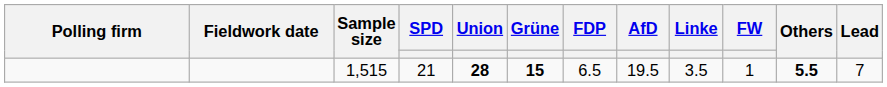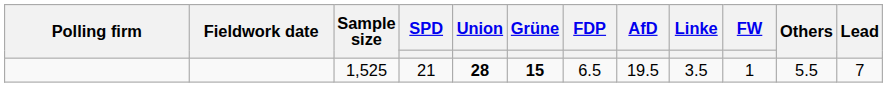 <table class="wikitable sortable mw-datatable mw-collapsible" style="text-align:center;font-size:90%;line-height:14px;">
 <tr style="height:40px;">
 <th style="width:155px;" rowspan="2">Polling firm</th>
 <th style="width:120px;" rowspan="2">Fieldwork date</th>
 <th style="width: 35px;" rowspan="2">Sample<br>size</th>
 <th class="unsortable" style="width:40px;"><a href='#'>SPD</a></th>
 <th class="unsortable" style="width:40px;"><a href='#'>Union</a></th>
 <th class="unsortable" style="width:40px;"><a href='#'>Grüne</a></th>
 <th class="unsortable" style="width:40px;"><a href='#'>FDP</a></th>
 <th class="unsortable" style="width:40px;"><a href='#'>AfD</a></th>
 <th class="unsortable" style="width:40px;"><a href='#'>Linke</a></th>
 <th class="unsortable" style="width:40px;"><a href='#'>FW</a></th>
 <th class="unsortable" style="width:30px;" rowspan="2">Others</th>
 <th style="width:30px;" rowspan="2">Lead</th>
 </tr>
 <tr>
 <th style="background:"></th>
 <th style="background:"></th>
 <th style="background:"></th>
 <th style="background:"></th>
 <th style="background:"></th>
 <th style="background:"></th>
 <th style="background:"></th>
 </tr>
 <tr>
 <td></td>
 <td></td>
-<td>1,515</td>
+<td>1,525</td>
 <td>21</td>
 <td><strong>28</strong></td>
 <td><strong>15</strong></td>
 <td>6.5</td>
 <td>19.5</td>
 <td>3.5</td>
 <td>1</td>
-<td><strong>5.5</strong></td>
+<td>5.5</td>
 <td style="background:">7</td>
 </tr>
 </table>
